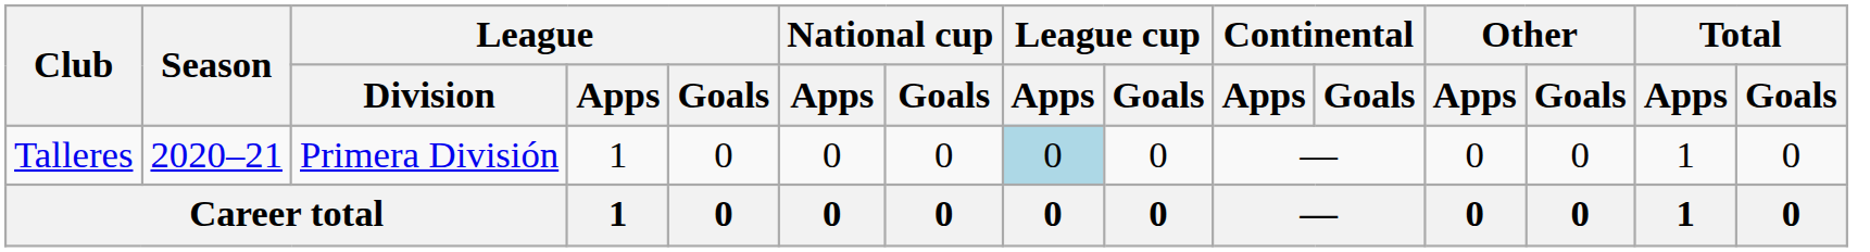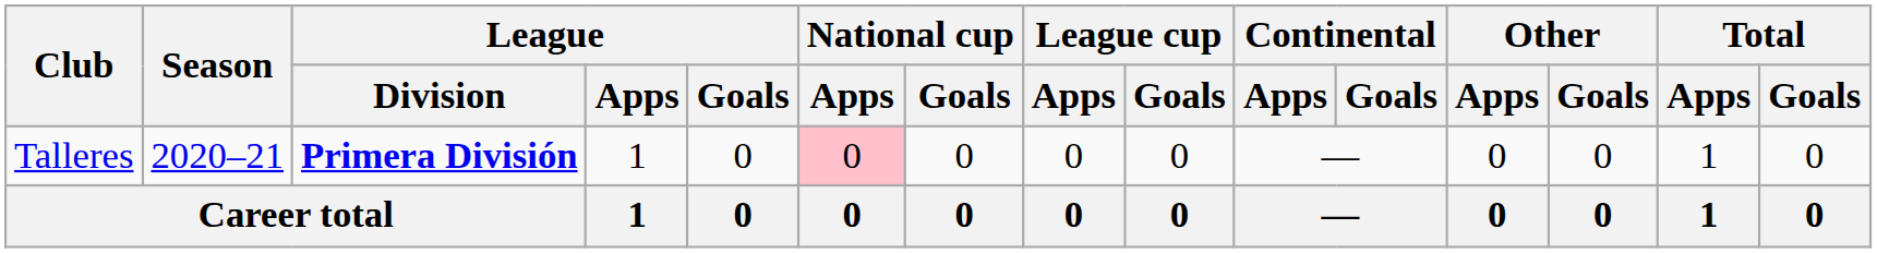 <table class="wikitable" style="text-align:center">
 <tr>
 <th rowspan="2">Club</th>
 <th rowspan="2">Season</th>
 <th colspan="3">League</th>
 <th colspan="2">National cup</th>
 <th colspan="2">League cup</th>
 <th colspan="2">Continental</th>
 <th colspan="2">Other</th>
 <th colspan="2">Total</th>
 </tr>
 <tr>
 <th>Division</th>
 <th>Apps</th>
 <th>Goals</th>
 <th>Apps</th>
 <th>Goals</th>
 <th>Apps</th>
 <th>Goals</th>
 <th>Apps</th>
 <th>Goals</th>
 <th>Apps</th>
 <th>Goals</th>
 <th>Apps</th>
 <th>Goals</th>
 </tr>
 <tr>
 <td rowspan="1"><a href='#'>Talleres</a></td>
 <td><a href='#'>2020–21</a></td>
-<td rowspan="1"><a href='#'>Primera División</a></td>
+<td rowspan="1"><strong><a href='#'>Primera División</a></strong></td>
 <td>1</td>
 <td>0</td>
+<td style="background: pink;">0</td>
 <td>0</td>
 <td>0</td>
-<td style="background: lightblue;">0</td>
 <td>0</td>
 <td colspan="2">—</td>
 <td>0</td>
 <td>0</td>
 <td>1</td>
 <td>0</td>
 </tr>
 <tr>
 <th colspan="3">Career total</th>
 <th>1</th>
 <th>0</th>
 <th>0</th>
 <th>0</th>
 <th>0</th>
 <th>0</th>
 <th colspan="2">—</th>
 <th>0</th>
 <th>0</th>
 <th>1</th>
 <th>0</th>
 </tr>
 </table>
